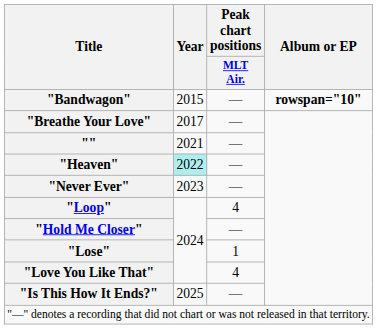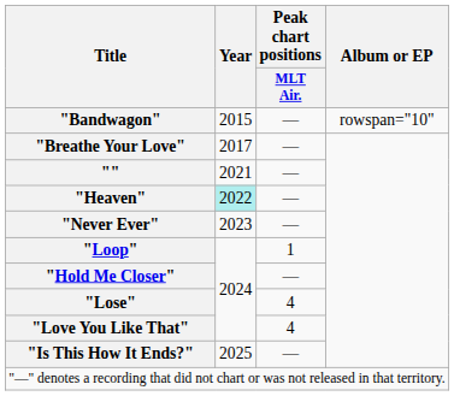 <table class="wikitable plainrowheaders" style="text-align:center;">
 <tr>
 <th scope="col" rowspan="2">Title</th>
 <th scope="col" rowspan="2" style="width:1em;">Year</th>
 <th scope="col" colspan="1">Peak chart positions</th>
 <th scope="col" rowspan="2">Album or EP</th>
 </tr>
 <tr>
 <th scope="col" style="width:3em;font-size:85%;"><a href='#'>MLT<br>Air.</a><br></th>
 </tr>
 <tr>
 <th scope="row">"Bandwagon"</th>
 <td>2015</td>
 <td>—</td>
-<td><strong>rowspan="10" </strong></td>
+<td>rowspan="10" </td>
 </tr>
 <tr>
 <th scope="row">"Breathe Your Love"</th>
 <td>2017</td>
 <td>—</td>
 </tr>
 <tr>
 <th scope="row">""</th>
 <td>2021</td>
 <td>—</td>
 </tr>
 <tr>
 <th scope="row">"Heaven"</th>
 <td style="background: paleturquoise;">2022</td>
 <td>—</td>
 </tr>
 <tr>
 <th scope="row">"Never Ever"</th>
 <td>2023</td>
 <td>—</td>
 </tr>
 <tr>
 <th scope="row">"<a href='#'>Loop</a>"</th>
 <td rowspan="4">2024</td>
-<td>4</td>
+<td>1</td>
 </tr>
 <tr>
 <th scope="row">"<a href='#'>Hold Me Closer</a>"</th>
 <td>—</td>
 </tr>
 <tr>
 <th scope="row">"Lose"</th>
-<td>1</td>
+<td>4</td>
 </tr>
 <tr>
 <th scope="row">"Love You Like That"</th>
 <td>4</td>
 </tr>
 <tr>
 <th scope="row">"Is This How It Ends?"</th>
 <td>2025</td>
 <td>—</td>
 </tr>
 <tr>
 <td colspan="4" style="font-size:85%">"—" denotes a recording that did not chart or was not released in that territory.</td>
 </tr>
 </table>
